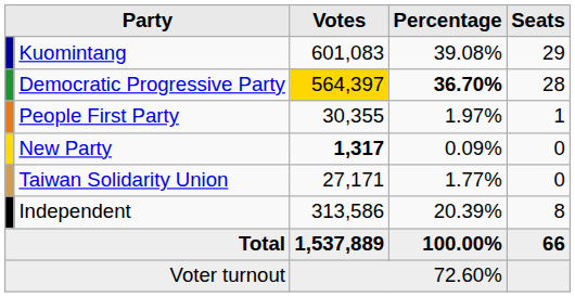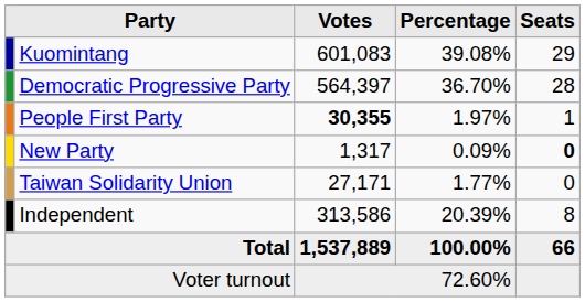 <table class="wikitable">
 <tr>
 <th style="background-color:#E9E9E9" colspan=2 style="width: 20em">Party</th>
 <th style="background-color:#E9E9E9" style="width: 7em">Votes</th>
 <th style="background-color:#E9E9E9" style="width: 7em">Percentage</th>
 <th style="background-color:#E9E9E9" style="width: 7em">Seats</th>
 </tr>
 <tr>
 <td bgcolor="#000099"></td>
 <td align=left><a href='#'>Kuomintang</a></td>
 <td align=right>601,083</td>
 <td align=right>39.08%</td>
 <td align=right>29</td>
 </tr>
 <tr>
 <td bgcolor="#1B9431"></td>
 <td align=left><a href='#'>Democratic Progressive Party</a></td>
-<td align=right style="background: gold;">564,397</td>
-<td align=right><strong>36.70%</strong></td>
+<td align=right>564,397</td>
+<td align=right>36.70%</td>
 <td align=right>28</td>
 </tr>
 <tr>
 <td bgcolor="#e77918"></td>
 <td align=left><a href='#'>People First Party</a></td>
-<td align=right>30,355</td>
+<td align=right><strong>30,355</strong></td>
 <td align=right>1.97%</td>
 <td align=right>1</td>
 </tr>
 <tr>
 <td bgcolor="#fedb02"></td>
 <td align=left><a href='#'>New Party</a></td>
-<td align=right><strong>1,317</strong></td>
+<td align=right>1,317</td>
 <td align=right>0.09%</td>
-<td align=right>0</td>
+<td align=right><strong>0</strong></td>
 </tr>
 <tr>
 <td bgcolor="#d09e51"></td>
 <td align=left><a href='#'>Taiwan Solidarity Union</a></td>
 <td align=right>27,171</td>
 <td align=right>1.77%</td>
 <td align=right>0</td>
 </tr>
 <tr>
 <td bgcolor="#000000"></td>
 <td align=left>Independent</td>
 <td align=right>313,586</td>
 <td align=right>20.39%</td>
 <td align=right>8</td>
 </tr>
 <tr bgcolor="#EEEEEE">
 <td colspan="2" align="right"><strong>Total</strong></td>
 <td align=right><strong>1,537,889</strong></td>
 <td align=right><strong>100.00%</strong></td>
 <td align=right><strong>66</strong></td>
 </tr>
 <tr bgcolor="#EEEEEE">
 <td colspan="2" align="right">Voter turnout</td>
 <td colspan="2" align="right">72.60%</td>
 <td></td>
 </tr>
 </table>
